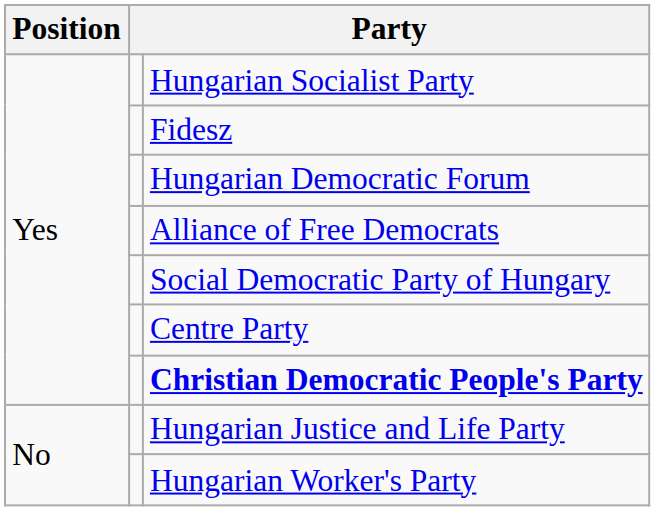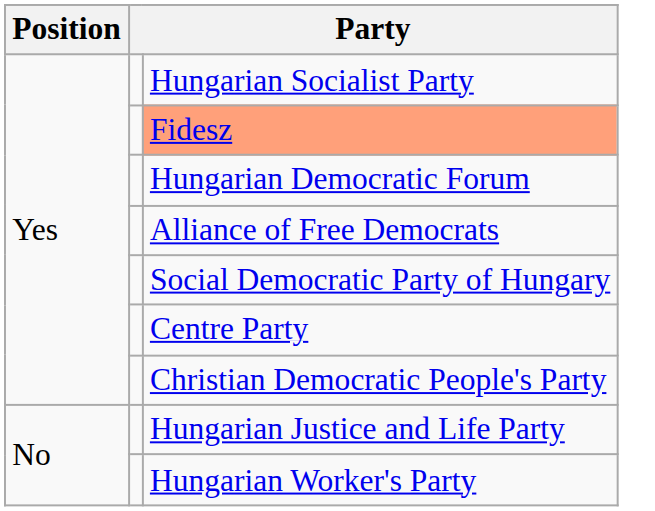 <table class="wikitable">
 <tr>
 <th>Position</th>
 <th colspan=2>Party</th>
 </tr>
 <tr>
 <td rowspan="7">Yes</td>
 <td style="background-color: "></td>
 <td><a href='#'>Hungarian Socialist Party</a></td>
 </tr>
 <tr>
 <td style="background-color: "></td>
-<td><a href='#'>Fidesz</a></td>
+<td style="background: lightsalmon;"><a href='#'>Fidesz</a></td>
 </tr>
 <tr>
 <td style="background-color: "></td>
 <td><a href='#'>Hungarian Democratic Forum</a></td>
 </tr>
 <tr>
 <td style="background-color: "></td>
 <td><a href='#'>Alliance of Free Democrats</a></td>
 </tr>
 <tr>
 <td style="background-color: "></td>
 <td><a href='#'>Social Democratic Party of Hungary</a></td>
 </tr>
 <tr>
 <td style="background-color: "></td>
 <td><a href='#'>Centre Party</a></td>
 </tr>
 <tr>
 <td style="background-color: "></td>
-<td><strong><a href='#'>Christian Democratic People's Party</a></strong></td>
+<td><a href='#'>Christian Democratic People's Party</a></td>
 </tr>
 <tr>
 <td rowspan="2">No</td>
 <td style="background-color: "></td>
 <td><a href='#'>Hungarian Justice and Life Party</a></td>
 </tr>
 <tr>
 <td style="background-color: "></td>
 <td><a href='#'>Hungarian Worker's Party</a></td>
 </tr>
 </table>
